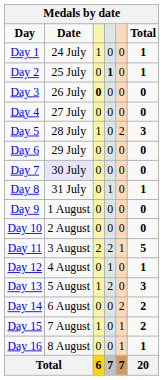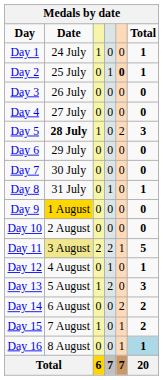 <table class=wikitable style="font-size:85%; text-align:center; float:right;">
 <tr bgcolor=efefef>
 <th colspan=7>Medals by date</th>
 </tr>
 <tr>
 <td><strong>Day</strong></td>
 <td><strong>Date</strong></td>
 <td bgcolor=f7f6a8></td>
 <td bgcolor=dce5e5></td>
 <td bgcolor=ffdab9></td>
 <td><strong>Total</strong></td>
 </tr>
 <tr>
 <td><a href='#'>Day 1</a></td>
 <td>24 July</td>
 <td style="background:#F7F6A8;">1</td>
 <td style="background:#DCE5E5;">0</td>
 <td style="background:#FFDAB9;">0</td>
 <td><strong>1</strong></td>
 </tr>
 <tr>
 <td><a href='#'>Day 2</a></td>
 <td>25 July</td>
 <td style="background:#F7F6A8;">0</td>
-<td style="background:#DCE5E5;"><strong>1</strong></td>
-<td style="background:#FFDAB9;">0</td>
+<td style="background:#DCE5E5;">1</td>
+<td style="background:#FFDAB9;"><strong>0</strong></td>
 <td><strong>1</strong></td>
 </tr>
 <tr>
 <td><a href='#'>Day 3</a></td>
 <td>26 July</td>
-<td style="background:#F7F6A8;"><strong>0</strong></td>
+<td style="background:#F7F6A8;">0</td>
 <td style="background:#DCE5E5;">0</td>
 <td style="background:#FFDAB9;">0</td>
 <td><strong>0</strong></td>
 </tr>
 <tr>
 <td><a href='#'>Day 4</a></td>
 <td>27 July</td>
 <td style="background:#F7F6A8;">0</td>
 <td style="background:#DCE5E5;">0</td>
 <td style="background:#FFDAB9;">0</td>
 <td><strong>0</strong></td>
 </tr>
 <tr>
 <td><a href='#'>Day 5</a></td>
-<td>28 July</td>
+<td><strong>28 July</strong></td>
 <td style="background:#F7F6A8;">1</td>
 <td style="background:#DCE5E5;">0</td>
 <td style="background:#FFDAB9;">2</td>
 <td><strong>3</strong></td>
 </tr>
 <tr>
 <td><a href='#'>Day 6</a></td>
 <td>29 July</td>
 <td style="background:#F7F6A8;">0</td>
 <td style="background:#DCE5E5;">0</td>
 <td style="background:#FFDAB9;">0</td>
 <td><strong>0</strong></td>
 </tr>
 <tr>
 <td><a href='#'>Day 7</a></td>
-<td style="background: lavender;">30 July</td>
+<td>30 July</td>
 <td style="background:#F7F6A8;">0</td>
 <td style="background:#DCE5E5;">0</td>
 <td style="background:#FFDAB9;">0</td>
 <td><strong>0</strong></td>
 </tr>
 <tr>
 <td><a href='#'>Day 8</a></td>
 <td>31 July</td>
 <td style="background:#F7F6A8;">0</td>
 <td style="background:#DCE5E5;">1</td>
 <td style="background:#FFDAB9;">0</td>
 <td><strong>1</strong></td>
 </tr>
 <tr>
 <td><a href='#'>Day 9</a></td>
-<td>1 August</td>
+<td style="background: gold;">1 August</td>
 <td style="background:#F7F6A8;">0</td>
 <td style="background:#DCE5E5;">0</td>
 <td style="background:#FFDAB9;">0</td>
 <td><strong>0</strong></td>
 </tr>
 <tr>
 <td><a href='#'>Day 10</a></td>
 <td>2 August</td>
 <td style="background:#F7F6A8;">0</td>
 <td style="background:#DCE5E5;">0</td>
 <td style="background:#FFDAB9;">0</td>
 <td><strong>0</strong></td>
 </tr>
 <tr>
 <td><a href='#'>Day 11</a></td>
-<td>3 August</td>
+<td style="background: khaki;">3 August</td>
 <td style="background:#F7F6A8;">2</td>
 <td style="background:#DCE5E5;">2</td>
 <td style="background:#FFDAB9;">1</td>
 <td><strong>5</strong></td>
 </tr>
 <tr>
 <td><a href='#'>Day 12</a></td>
 <td>4 August</td>
 <td style="background:#F7F6A8;">0</td>
 <td style="background:#DCE5E5;">1</td>
 <td style="background:#FFDAB9;">0</td>
 <td><strong>1</strong></td>
 </tr>
 <tr>
 <td><a href='#'>Day 13</a></td>
 <td>5 August</td>
 <td style="background:#F7F6A8;">1</td>
 <td style="background:#DCE5E5;">2</td>
 <td style="background:#FFDAB9;">0</td>
 <td><strong>3</strong></td>
 </tr>
 <tr>
 <td><a href='#'>Day 14</a></td>
 <td>6 August</td>
 <td style="background:#F7F6A8;">0</td>
 <td style="background:#DCE5E5;">0</td>
 <td style="background:#FFDAB9;">2</td>
 <td><strong>2</strong></td>
 </tr>
 <tr>
 <td><a href='#'>Day 15</a></td>
 <td>7 August</td>
 <td style="background:#F7F6A8;">1</td>
 <td style="background:#DCE5E5;">0</td>
 <td style="background:#FFDAB9;">1</td>
 <td><strong>2</strong></td>
 </tr>
 <tr>
 <td><a href='#'>Day 16</a></td>
 <td>8 August</td>
 <td style="background:#F7F6A8;">0</td>
 <td style="background:#DCE5E5;">0</td>
 <td style="background:#FFDAB9;">1</td>
-<td><strong>1</strong></td>
+<td style="background: lightblue;"><strong>1</strong></td>
 </tr>
 <tr>
 <th colspan=2>Total</th>
 <th style="background:gold">6</th>
 <th style="background:silver">7</th>
 <th style="background:#c96">7</th>
 <th>20</th>
 </tr>
 </table>
